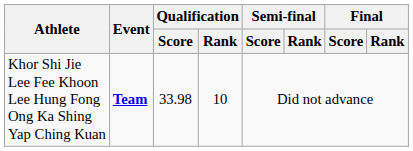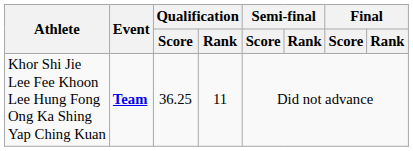 <table class="wikitable" style="font-size:90%;text-align:center">
 <tr>
 <th rowspan="2">Athlete</th>
 <th rowspan="2">Event</th>
 <th colspan="2">Qualification</th>
 <th colspan="2">Semi-final</th>
 <th colspan="2">Final</th>
 </tr>
 <tr>
 <th>Score</th>
 <th>Rank</th>
 <th>Score</th>
 <th>Rank</th>
 <th>Score</th>
 <th>Rank</th>
 </tr>
 <tr>
 <td align="left">Khor Shi Jie<br>Lee Fee Khoon<br>Lee Hung Fong<br>Ong Ka Shing<br>Yap Ching Kuan</td>
 <td align="left"><strong><a href='#'>Team</a></strong></td>
-<td>33.98</td>
-<td>10</td>
+<td>36.25</td>
+<td>11</td>
 <td colspan="4">Did not advance</td>
 </tr>
 </table>
